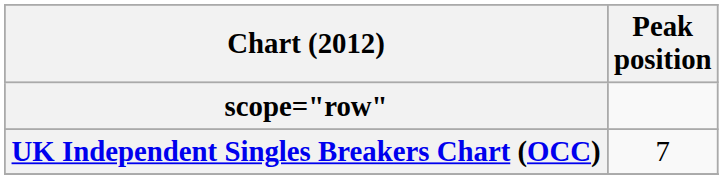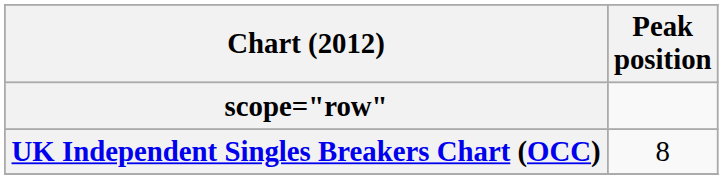 <table class="wikitable plainrowheaders sortable" style="text-align:center">
 <tr>
 <th scope="col">Chart (2012)</th>
 <th scope="col">Peak<br>position</th>
 </tr>
 <tr>
 <th>scope="row" </th>
 </tr>
 <tr>
 <th scope="row"><a href='#'>UK Independent Singles Breakers Chart</a> (<a href='#'>OCC</a>)</th>
-<td>7</td>
+<td>8</td>
 </tr>
 <tr>
 </tr>
 </table>
